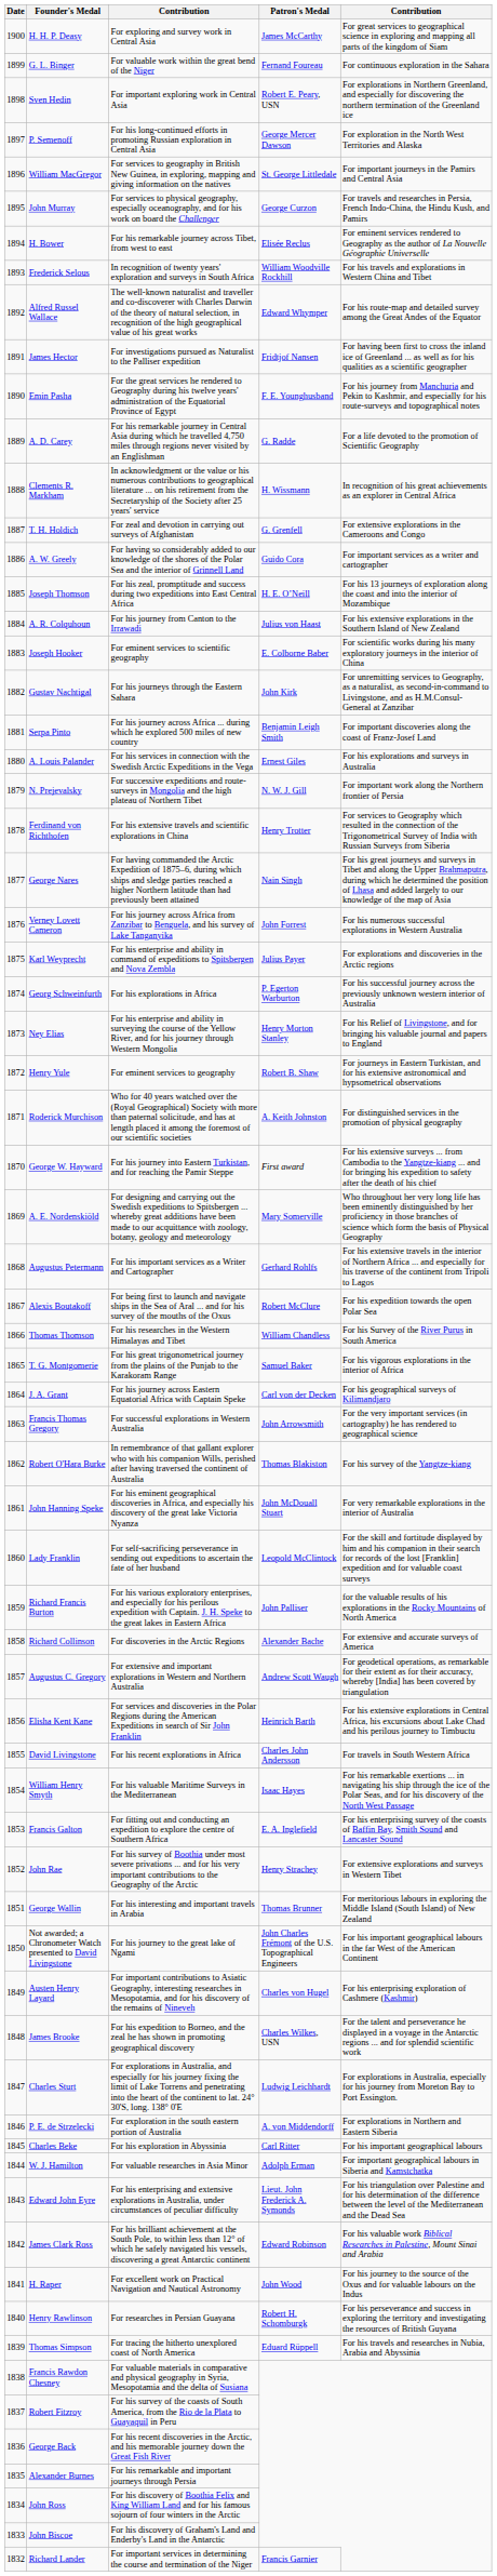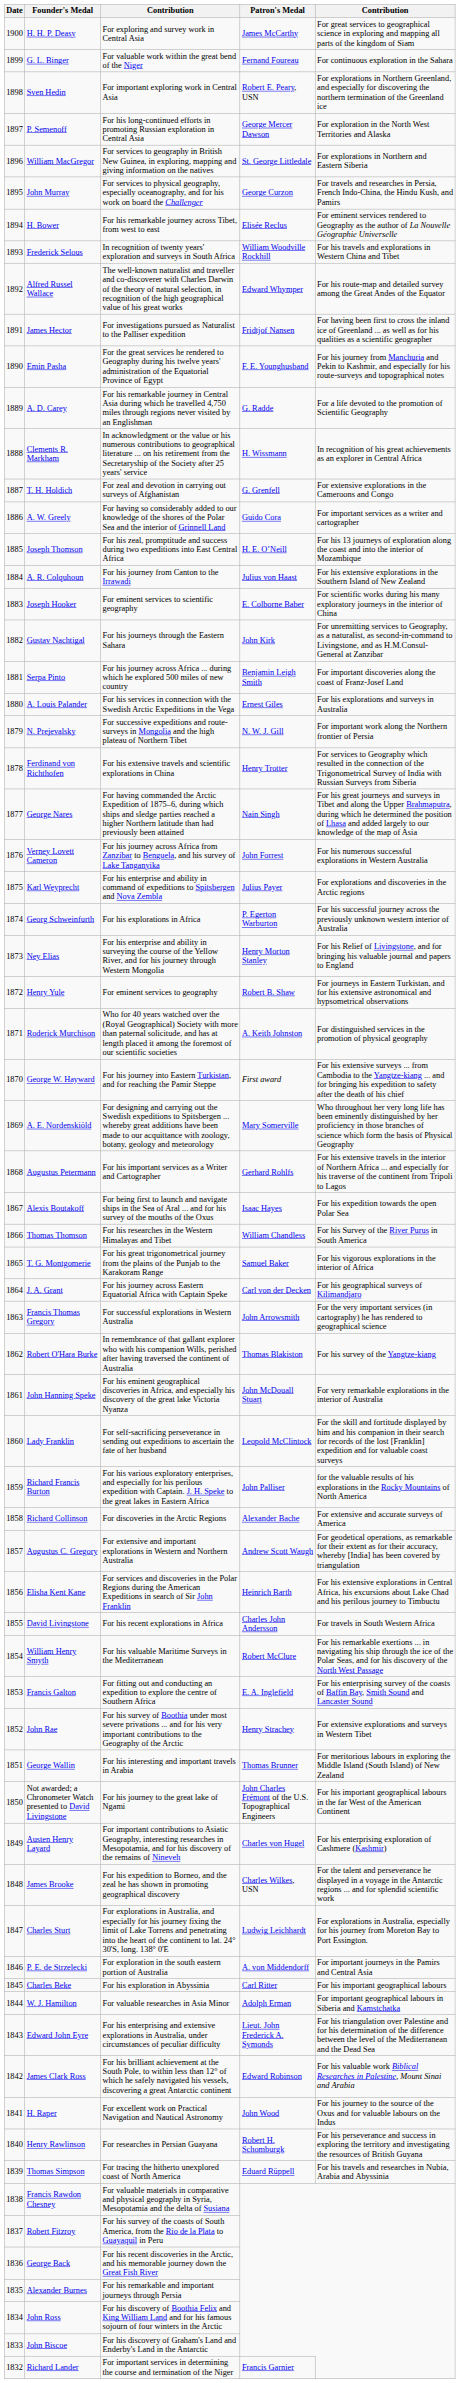 <table class="wikitable">
 <tr>
 <th>Date</th>
 <th>Founder's Medal</th>
 <th>Contribution</th>
 <th>Patron's Medal</th>
 <th>Contribution</th>
 </tr>
 <tr>
 <td>1900</td>
 <td><a href='#'>H. H. P. Deasy</a></td>
 <td>For exploring and survey work in Central Asia</td>
 <td><a href='#'>James McCarthy</a></td>
 <td>For great services to geographical science in exploring and mapping all parts of the kingdom of Siam</td>
 </tr>
 <tr>
 <td>1899</td>
 <td><a href='#'>G. L. Binger</a></td>
 <td>For valuable work within the great bend of the <a href='#'>Niger</a></td>
 <td><a href='#'>Fernand Foureau</a></td>
 <td>For continuous exploration in the Sahara</td>
 </tr>
 <tr>
 <td>1898</td>
 <td><a href='#'>Sven Hedin</a></td>
 <td>For important exploring work in Central Asia</td>
 <td><a href='#'>Robert E. Peary</a>, USN</td>
 <td>For explorations in Northern Greenland, and especially for discovering the northern termination of the Greenland ice</td>
 </tr>
 <tr>
 <td>1897</td>
 <td><a href='#'>P. Semenoff</a></td>
 <td>For his long-continued efforts in promoting Russian exploration in Central Asia</td>
 <td><a href='#'>George Mercer Dawson</a></td>
 <td>For exploration in the North West Territories and Alaska</td>
 </tr>
 <tr>
 <td>1896</td>
 <td><a href='#'>William MacGregor</a></td>
 <td>For services to geography in British New Guinea, in exploring, mapping and giving information on the natives</td>
 <td><a href='#'>St. George Littledale</a></td>
-<td>For important journeys in the Pamirs and Central Asia</td>
+<td>For explorations in Northern and Eastern Siberia</td>
 </tr>
 <tr>
 <td>1895</td>
 <td><a href='#'>John Murray</a></td>
 <td>For services to physical geography, especially oceanography, and for his work on board the <a href='#'><em>Challenger</em></a></td>
 <td><a href='#'>George Curzon</a></td>
 <td>For travels and researches in Persia, French Indo-China, the Hindu Kush, and Pamirs</td>
 </tr>
 <tr>
 <td>1894</td>
 <td><a href='#'>H. Bower</a></td>
 <td>For his remarkable journey across Tibet, from west to east</td>
 <td><a href='#'>Elisée Reclus</a></td>
 <td>For eminent services rendered to Geography as the author of <em>La Nouvelle Géographie Universelle</em></td>
 </tr>
 <tr>
 <td>1893</td>
 <td><a href='#'>Frederick Selous</a></td>
 <td>In recognition of twenty years' exploration and surveys in South Africa</td>
 <td><a href='#'>William Woodville Rockhill</a></td>
 <td>For his travels and explorations in Western China and Tibet</td>
 </tr>
 <tr>
 <td>1892</td>
 <td><a href='#'>Alfred Russel Wallace</a></td>
 <td>The well-known naturalist and traveller and co-discoverer with Charles Darwin of the theory of natural selection, in recognition of the high geographical value of his great works</td>
 <td><a href='#'>Edward Whymper</a></td>
 <td>For his route-map and detailed survey among the Great Andes of the Equator</td>
 </tr>
 <tr>
 <td>1891</td>
 <td><a href='#'>James Hector</a></td>
 <td>For investigations pursued as Naturalist to the Palliser expedition</td>
 <td><a href='#'>Fridtjof Nansen</a></td>
 <td>For having been first to cross the inland ice of Greenland ... as well as for his qualities as a scientific geographer</td>
 </tr>
 <tr>
 <td>1890</td>
 <td><a href='#'>Emin Pasha</a></td>
 <td>For the great services he rendered to Geography during his twelve years' administration of the Equatorial Province of Egypt</td>
 <td><a href='#'>F. E. Younghusband</a></td>
 <td>For his journey from <a href='#'>Manchuria</a> and Pekin to Kashmir, and especially for his route-surveys and topographical notes</td>
 </tr>
 <tr>
 <td>1889</td>
 <td><a href='#'>A. D. Carey</a></td>
 <td>For his remarkable journey in Central Asia during which he travelled 4,750 miles through regions never visited by an Englishman</td>
 <td><a href='#'>G. Radde</a></td>
 <td>For a life devoted to the promotion of Scientific Geography</td>
 </tr>
 <tr>
 <td>1888</td>
 <td><a href='#'>Clements R. Markham</a></td>
 <td>In acknowledgment or the value or his numerous contributions to geographical literature ... on his retirement from the Secretaryship of the Society after 25 years' service</td>
 <td><a href='#'>H. Wissmann</a></td>
 <td>In recognition of his great achievements as an explorer in Central Africa</td>
 </tr>
 <tr>
 <td>1887</td>
 <td><a href='#'>T. H. Holdich</a></td>
 <td>For zeal and devotion in carrying out surveys of Afghanistan</td>
 <td><a href='#'>G. Grenfell</a></td>
 <td>For extensive explorations in the Cameroons and Congo</td>
 </tr>
 <tr>
 <td>1886</td>
 <td><a href='#'>A. W. Greely</a></td>
 <td>For having so considerably added to our knowledge of the shores of the Polar Sea and the interior of <a href='#'>Grinnell Land</a></td>
 <td><a href='#'>Guido Cora</a></td>
 <td>For important services as a writer and cartographer</td>
 </tr>
 <tr>
 <td>1885</td>
 <td><a href='#'>Joseph Thomson</a></td>
 <td>For his zeal, promptitude and success during two expeditions into East Central Africa</td>
 <td><a href='#'>H. E. O’Neill</a></td>
 <td>For his 13 journeys of exploration along the coast and into the interior of Mozambique</td>
 </tr>
 <tr>
 <td>1884</td>
 <td><a href='#'>A. R. Colquhoun</a></td>
 <td>For his journey from Canton to the <a href='#'>Irrawadi</a></td>
 <td><a href='#'>Julius von Haast</a></td>
 <td>For his extensive explorations in the Southern Island of New Zealand</td>
 </tr>
 <tr>
 <td>1883</td>
 <td><a href='#'>Joseph Hooker</a></td>
 <td>For eminent services to scientific geography</td>
 <td><a href='#'>E. Colborne Baber</a></td>
 <td>For scientific works during his many exploratory journeys in the interior of China</td>
 </tr>
 <tr>
 <td>1882</td>
 <td><a href='#'>Gustav Nachtigal</a></td>
 <td>For his journeys through the Eastern Sahara</td>
 <td><a href='#'>John Kirk</a></td>
 <td>For unremitting services to Geography, as a naturalist, as second-in-command to Livingstone, and as H.M.Consul-General at Zanzibar</td>
 </tr>
 <tr>
 <td>1881</td>
 <td><a href='#'>Serpa Pinto</a></td>
 <td>For his journey across Africa ... during which he explored 500 miles of new country</td>
 <td><a href='#'>Benjamin Leigh Smith</a></td>
 <td>For important discoveries along the coast of Franz-Josef Land</td>
 </tr>
 <tr>
 <td>1880</td>
 <td><a href='#'>A. Louis Palander</a></td>
 <td>For his services in connection with the Swedish Arctic Expeditions in the Vega</td>
 <td><a href='#'>Ernest Giles</a></td>
 <td>For his explorations and surveys in Australia</td>
 </tr>
 <tr>
 <td>1879</td>
 <td><a href='#'>N. Prejevalsky</a></td>
 <td>For successive expeditions and route-surveys in <a href='#'>Mongolia</a> and the high plateau of Northern Tibet</td>
 <td><a href='#'>N. W. J. Gill</a></td>
 <td>For important work along the Northern frontier of Persia</td>
 </tr>
 <tr>
 <td>1878</td>
 <td><a href='#'>Ferdinand von Richthofen</a></td>
 <td>For his extensive travels and scientific explorations in China</td>
 <td><a href='#'>Henry Trotter</a></td>
 <td>For services to Geography which resulted in the connection of the Trigonometrical Survey of India with Russian Surveys from Siberia</td>
 </tr>
 <tr>
 <td>1877</td>
 <td><a href='#'>George Nares</a></td>
 <td>For having commanded the Arctic Expedition of 1875–6, during which ships and sledge parties reached a higher Northern latitude than had previously been attained</td>
 <td><a href='#'>Nain Singh</a></td>
 <td>For his great journeys and surveys in Tibet and along the Upper <a href='#'>Brahmaputra</a>, during which he determined the position of <a href='#'>Lhasa</a> and added largely to our knowledge of the map of Asia</td>
 </tr>
 <tr>
 <td>1876</td>
 <td><a href='#'>Verney Lovett Cameron</a></td>
 <td>For his journey across Africa from <a href='#'>Zanzibar</a> to <a href='#'>Benguela</a>, and his survey of <a href='#'>Lake Tanganyika</a></td>
 <td><a href='#'>John Forrest</a></td>
 <td>For his numerous successful explorations in Western Australia</td>
 </tr>
 <tr>
 <td>1875</td>
 <td><a href='#'>Karl Weyprecht</a></td>
 <td>For his enterprise and ability in command of expeditions to <a href='#'>Spitsbergen</a> and <a href='#'>Nova Zembla</a></td>
 <td><a href='#'>Julius Payer</a></td>
 <td>For explorations and discoveries in the Arctic regions</td>
 </tr>
 <tr>
 <td>1874</td>
 <td><a href='#'>Georg Schweinfurth</a></td>
 <td>For his explorations in Africa</td>
 <td><a href='#'>P. Egerton Warburton</a></td>
 <td>For his successful journey across the previously unknown western interior of Australia</td>
 </tr>
 <tr>
 <td>1873</td>
 <td><a href='#'>Ney Elias</a></td>
 <td>For his enterprise and ability in surveying the course of the Yellow River, and for his journey through Western Mongolia</td>
 <td><a href='#'>Henry Morton Stanley</a></td>
 <td>For his Relief of <a href='#'>Livingstone</a>, and for bringing his valuable journal and papers to England</td>
 </tr>
 <tr>
 <td>1872</td>
 <td><a href='#'>Henry Yule</a></td>
 <td>For eminent services to geography</td>
 <td><a href='#'>Robert B. Shaw</a></td>
 <td>For journeys in Eastern Turkistan, and for his extensive astronomical and hypsometrical observations</td>
 </tr>
 <tr>
 <td>1871</td>
 <td><a href='#'>Roderick Murchison</a></td>
 <td>Who for 40 years watched over the (Royal Geographical) Society with more than paternal solicitude, and has at length placed it among the foremost of our scientific societies</td>
 <td><a href='#'>A. Keith Johnston</a></td>
 <td>For distinguished services in the promotion of physical geography</td>
 </tr>
 <tr>
 <td>1870</td>
 <td><a href='#'>George W. Hayward</a></td>
 <td>For his journey into Eastern <a href='#'>Turkistan</a>, and for reaching the Pamir Steppe</td>
 <td><em>First award</em></td>
 <td>For his extensive surveys ... from Cambodia to the <a href='#'>Yangtze-kiang</a> ... and for bringing his expedition to safety after the death of his chief</td>
 </tr>
 <tr>
 <td>1869</td>
 <td><a href='#'>A. E. Nordenskiöld</a></td>
 <td>For designing and carrying out the Swedish expeditions to Spitsbergen ... whereby great additions have been<br>made to our acquittance with zoology, botany, geology and meteorology</td>
 <td><a href='#'>Mary Somerville</a></td>
 <td>Who throughout her very long life has been eminently distinguished by her proficiency in those branches of<br>science which form the basis of Physical Geography</td>
 </tr>
 <tr>
 <td>1868</td>
 <td><a href='#'>Augustus Petermann</a></td>
 <td>For his important services as a Writer and Cartographer</td>
 <td><a href='#'>Gerhard Rohlfs</a></td>
 <td>For his extensive travels in the interior of Northern Africa ... and especially for his traverse of the continent from Tripoli to Lagos</td>
 </tr>
 <tr>
 <td>1867</td>
 <td><a href='#'>Alexis Boutakoff</a></td>
 <td>For being first to launch and navigate ships in the Sea of Aral ... and for his survey of the mouths of the Oxus</td>
-<td><a href='#'>Robert McClure</a></td>
+<td><a href='#'>Isaac Hayes</a></td>
 <td>For his expedition towards the open Polar Sea</td>
 </tr>
 <tr>
 <td>1866</td>
 <td><a href='#'>Thomas Thomson</a></td>
 <td>For his researches in the Western Himalayas and Tibet</td>
 <td><a href='#'>William Chandless</a></td>
 <td>For his Survey of the <a href='#'>River Purus</a> in South America</td>
 </tr>
 <tr>
 <td>1865</td>
 <td><a href='#'>T. G. Montgomerie</a></td>
 <td>For his great trigonometrical journey from the plains of the Punjab to the Karakoram Range</td>
 <td><a href='#'>Samuel Baker</a></td>
 <td>For his vigorous explorations in the interior of Africa</td>
 </tr>
 <tr>
 <td>1864</td>
 <td><a href='#'>J. A. Grant</a></td>
 <td>For his journey across Eastern Equatorial Africa with Captain Speke</td>
 <td><a href='#'>Carl von der Decken</a></td>
 <td>For his geographical surveys of <a href='#'>Kilimandjaro</a></td>
 </tr>
 <tr>
 <td>1863</td>
 <td><a href='#'>Francis Thomas Gregory</a></td>
 <td>For successful explorations in Western Australia</td>
 <td><a href='#'>John Arrowsmith</a></td>
 <td>For the very important services (in cartography) he has rendered to geographical science</td>
 </tr>
 <tr>
 <td>1862</td>
 <td><a href='#'>Robert O'Hara Burke</a></td>
 <td>In remembrance of that gallant explorer who with his companion Wills, perished after having traversed the continent of Australia</td>
 <td><a href='#'>Thomas Blakiston</a></td>
 <td>For his survey of the <a href='#'>Yangtze-kiang</a></td>
 </tr>
 <tr>
 <td>1861</td>
 <td><a href='#'>John Hanning Speke</a></td>
 <td>For his eminent geographical discoveries in Africa, and especially his discovery of the great lake Victoria Nyanza</td>
 <td><a href='#'>John McDouall Stuart</a></td>
 <td>For very remarkable explorations in the interior of Australia</td>
 </tr>
 <tr>
 <td>1860</td>
 <td><a href='#'>Lady Franklin</a></td>
 <td>For self-sacrificing perseverance in sending out expeditions to ascertain the fate of her husband</td>
 <td><a href='#'>Leopold McClintock</a></td>
 <td>For the skill and fortitude displayed by him and his companion in their search for records of the lost [Franklin] expedition and for valuable coast surveys</td>
 </tr>
 <tr>
 <td>1859</td>
 <td><a href='#'>Richard Francis Burton</a></td>
 <td>For his various exploratory enterprises, and especially for his perilous expedition with Captain. <a href='#'>J. H. Speke</a> to the great lakes in Eastern Africa</td>
 <td><a href='#'>John Palliser</a></td>
 <td>for the valuable results of his explorations in the <a href='#'>Rocky Mountains</a> of North America</td>
 </tr>
 <tr>
 <td>1858</td>
 <td><a href='#'>Richard Collinson</a></td>
 <td>For discoveries in the Arctic Regions</td>
 <td><a href='#'>Alexander Bache</a></td>
 <td>For extensive and accurate surveys of America</td>
 </tr>
 <tr>
 <td>1857</td>
 <td><a href='#'>Augustus C. Gregory</a></td>
 <td>For extensive and important explorations in Western and Northern Australia</td>
 <td><a href='#'>Andrew Scott Waugh</a></td>
 <td>For geodetical operations, as remarkable for their extent as for their accuracy, whereby [India] has been covered by triangulation</td>
 </tr>
 <tr>
 <td>1856</td>
 <td><a href='#'>Elisha Kent Kane</a></td>
 <td>For services and discoveries in the Polar Regions during the American Expeditions in search of Sir <a href='#'>John Franklin</a></td>
 <td><a href='#'>Heinrich Barth</a></td>
 <td>For his extensive explorations in Central Africa, his excursions about Lake Chad and his perilous journey to Timbuctu</td>
 </tr>
 <tr>
 <td>1855</td>
 <td><a href='#'>David Livingstone</a></td>
 <td>For his recent explorations in Africa</td>
 <td><a href='#'>Charles John Andersson</a></td>
 <td>For travels in South Western Africa</td>
 </tr>
 <tr>
 <td>1854</td>
 <td><a href='#'>William Henry Smyth</a></td>
 <td>For his valuable Maritime Surveys in the Mediterranean</td>
-<td><a href='#'>Isaac Hayes</a></td>
+<td><a href='#'>Robert McClure</a></td>
 <td>For his remarkable exertions ... in navigating his ship through the ice of the Polar Seas, and for his discovery of the <a href='#'>North West Passage</a></td>
 </tr>
 <tr>
 <td>1853</td>
 <td><a href='#'>Francis Galton</a></td>
 <td>For fitting out and conducting an expedition to explore the centre of Southern Africa</td>
 <td><a href='#'>E. A. Inglefield</a></td>
 <td>For his enterprising survey of the coasts of <a href='#'>Baffin Bay</a>, <a href='#'>Smith Sound</a> and <a href='#'>Lancaster Sound</a></td>
 </tr>
 <tr>
 <td>1852</td>
 <td><a href='#'>John Rae</a></td>
 <td>For his survey of <a href='#'>Boothia</a> under most severe privations ... and for his very important contributions to the Geography of the Arctic</td>
 <td><a href='#'>Henry Strachey</a></td>
 <td>For extensive explorations and surveys in Western Tibet</td>
 </tr>
 <tr>
 <td>1851</td>
 <td><a href='#'>George Wallin</a></td>
 <td>For his interesting and important travels in Arabia</td>
 <td><a href='#'>Thomas Brunner</a></td>
 <td>For meritorious labours in exploring the Middle Island (South Island) of New Zealand</td>
 </tr>
 <tr>
 <td>1850</td>
 <td>Not awarded; a Chronometer Watch presented to <a href='#'>David Livingstone</a></td>
 <td>For his journey to the great lake of Ngami</td>
 <td><a href='#'>John Charles Frémont</a> of the U.S. Topographical Engineers</td>
 <td>For his important geographical labours in the far West of the American Continent</td>
 </tr>
 <tr>
 <td>1849</td>
 <td><a href='#'>Austen Henry Layard</a></td>
 <td>For important contributions to Asiatic Geography, interesting researches in Mesopotamia, and for his discovery of the remains of <a href='#'>Nineveh</a></td>
 <td><a href='#'>Charles von Hugel</a></td>
 <td>For his enterprising exploration of Cashmere (<a href='#'>Kashmir</a>)</td>
 </tr>
 <tr>
 <td>1848</td>
 <td><a href='#'>James Brooke</a></td>
 <td>For his expedition to Borneo, and the zeal he has shown in promoting geographical discovery</td>
 <td><a href='#'>Charles Wilkes</a>, USN</td>
 <td>For the talent and perseverance he displayed in a voyage in the Antarctic regions ... and for splendid scientific work</td>
 </tr>
 <tr>
 <td>1847</td>
 <td><a href='#'>Charles Sturt</a></td>
 <td>For explorations in Australia, and especially for his journey fixing the limit of Lake Torrens and penetrating into the heart of the continent to lat. 24° 30'S, long. 138° 0'E</td>
 <td><a href='#'>Ludwig Leichhardt</a></td>
 <td>For explorations in Australia, especially for his journey from Moreton Bay to Port Essington.</td>
 </tr>
 <tr>
 <td>1846</td>
 <td><a href='#'>P. E. de Strzelecki</a></td>
 <td>For exploration in the south eastern portion of Australia</td>
 <td><a href='#'>A. von Middendorff</a></td>
-<td>For explorations in Northern and Eastern Siberia</td>
+<td>For important journeys in the Pamirs and Central Asia</td>
 </tr>
 <tr>
 <td>1845</td>
 <td><a href='#'>Charles Beke</a></td>
 <td>For his exploration in Abyssinia</td>
 <td><a href='#'>Carl Ritter</a></td>
 <td>For his important geographical labours</td>
 </tr>
 <tr>
 <td>1844</td>
 <td><a href='#'>W. J. Hamilton</a></td>
 <td>For valuable researches in Asia Minor</td>
 <td><a href='#'>Adolph Erman</a></td>
 <td>For important geographical labours in Siberia and <a href='#'>Kamstchatka</a></td>
 </tr>
 <tr>
 <td>1843</td>
 <td><a href='#'>Edward John Eyre</a></td>
 <td>For his enterprising and extensive explorations in Australia, under circumstances of peculiar difficulty</td>
 <td><a href='#'>Lieut. John Frederick A. Symonds</a></td>
 <td>For his triangulation over Palestine and for his determination of the difference between the level of the Mediterranean and the Dead Sea</td>
 </tr>
 <tr>
 <td>1842</td>
 <td><a href='#'>James Clark Ross</a></td>
 <td>For his brilliant achievement at the South Pole, to within less than 12° of which he safely navigated his vessels, discovering a great Antarctic continent</td>
 <td><a href='#'>Edward Robinson</a></td>
 <td>For his valuable work <em><a href='#'>Biblical Researches in Palestine</a>, Mount Sinai and Arabia</em></td>
 </tr>
 <tr>
 <td>1841</td>
 <td><a href='#'>H. Raper</a></td>
 <td>For excellent work on Practical Navigation and Nautical Astronomy</td>
 <td><a href='#'>John Wood</a></td>
 <td>For his journey to the source of the Oxus and for valuable labours on the Indus</td>
 </tr>
 <tr>
 <td>1840</td>
 <td><a href='#'>Henry Rawlinson</a></td>
 <td>For researches in Persian Guayana</td>
 <td><a href='#'>Robert H. Schomburgk</a></td>
 <td>For his perseverance and success in exploring the territory and investigating the resources of British Guyana</td>
 </tr>
 <tr>
 <td>1839</td>
 <td><a href='#'>Thomas Simpson</a></td>
 <td>For tracing the hitherto unexplored coast of North America</td>
 <td><a href='#'>Eduard Rüppell</a></td>
 <td>For his travels and researches in Nubia, Arabia and Abyssinia</td>
 </tr>
 <tr>
 <td>1838</td>
 <td><a href='#'>Francis Rawdon Chesney</a></td>
 <td>For valuable materials in comparative and physical geography in Syria, Mesopotamia and the delta of <a href='#'>Susiana</a></td>
 </tr>
 <tr>
 <td>1837</td>
 <td><a href='#'>Robert Fitzroy</a></td>
 <td>For his survey of the coasts of South America, from the <a href='#'>Rio de la Plata</a> to <a href='#'>Guayaquil</a> in Peru</td>
 </tr>
 <tr>
 <td>1836</td>
 <td><a href='#'>George Back</a></td>
 <td>For his recent discoveries in the Arctic, and his memorable journey down the <a href='#'>Great Fish River</a></td>
 </tr>
 <tr>
 <td>1835</td>
 <td><a href='#'>Alexander Burnes</a></td>
 <td>For his remarkable and important journeys through Persia</td>
 </tr>
 <tr>
 <td>1834</td>
 <td><a href='#'>John Ross</a></td>
 <td>For his discovery of <a href='#'>Boothia Felix</a> and <a href='#'>King William Land</a> and for his famous sojourn of four winters in the Arctic</td>
 </tr>
 <tr>
 <td>1833</td>
 <td><a href='#'>John Biscoe</a></td>
 <td>For his discovery of Graham's Land and Enderby's Land in the Antarctic</td>
 </tr>
 <tr>
 <td>1832</td>
 <td><a href='#'>Richard Lander</a></td>
 <td>For important services in determining the course and termination of the Niger</td>
 <td><a href='#'>Francis Garnier</a></td>
 </tr>
 </table>
